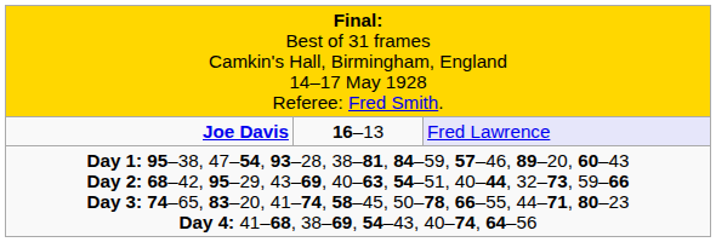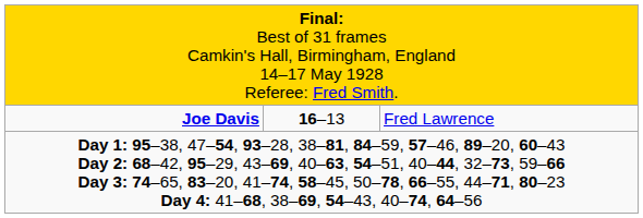 <table class="wikitable" style="font-size: 95%; margin: 1em auto 1em auto;">
 <tr>
 <td colspan="3" align="center" bgcolor="#ffd700"><strong>Final:</strong><br>Best of 31 frames<br>Camkin's Hall, Birmingham, England<br>14–17 May 1928<br>Referee: <a href='#'>Fred Smith</a>.</td>
 </tr>
 <tr>
 <td width="230" align="right"><strong><a href='#'>Joe Davis</a></strong><br></td>
 <td width="100" align="center"><strong>16</strong>–13</td>
-<td width="230" style="background: lavender;"><a href='#'>Fred Lawrence</a><br></td>
+<td width="230"><a href='#'>Fred Lawrence</a><br></td>
 </tr>
 <tr>
 <td colspan="3" align="center" style="font-size: 100%"><strong>Day 1:</strong> <strong>95</strong>–38, 47–<strong>54</strong>, <strong>93</strong>–28, 38–<strong>81</strong>, <strong>84</strong>–59, <strong>57</strong>–46, <strong>89</strong>–20, <strong>60</strong>–43<br><strong>Day 2:</strong> <strong>68</strong>–42, <strong>95</strong>–29, 43–<strong>69</strong>, 40–<strong>63</strong>, <strong>54</strong>–51, 40–<strong>44</strong>, 32–<strong>73</strong>, 59–<strong>66</strong><br><strong>Day 3:</strong> <strong>74</strong>–65, <strong>83</strong>–20, 41–<strong>74</strong>, <strong>58</strong>–45, 50–<strong>78</strong>, <strong>66</strong>–55, 44–<strong>71</strong>, <strong>80</strong>–23<br><strong>Day 4:</strong> 41–<strong>68</strong>, 38–<strong>69</strong>, <strong>54</strong>–43, 40–<strong>74</strong>, <strong>64</strong>–56</td>
 </tr>
 </table>
